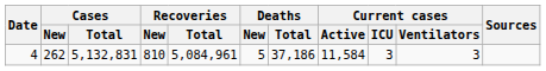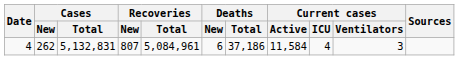 <table class="wikitable sortable mw-collapsible mw-collapsed sticky-header-multi sort-under" style="text-align:right;">
 <tr>
 <th rowspan=2>Date</th>
 <th colspan=2>Cases</th>
 <th colspan=2>Recoveries</th>
 <th colspan=2>Deaths</th>
 <th colspan=3>Current cases</th>
 <th rowspan=2 class="unsortable">Sources</th>
 </tr>
 <tr>
 <th>New</th>
 <th>Total</th>
 <th>New</th>
 <th>Total</th>
 <th>New</th>
 <th>Total</th>
 <th>Active</th>
 <th>ICU</th>
 <th>Ventilators</th>
 </tr>
 <tr>
 <td>4</td>
 <td>262</td>
 <td>5,132,831</td>
-<td>810</td>
+<td>807</td>
 <td>5,084,961</td>
-<td>5</td>
+<td>6</td>
 <td>37,186</td>
 <td>11,584</td>
-<td>3</td>
+<td>4</td>
 <td>3</td>
 <td></td>
 </tr>
 </table>
